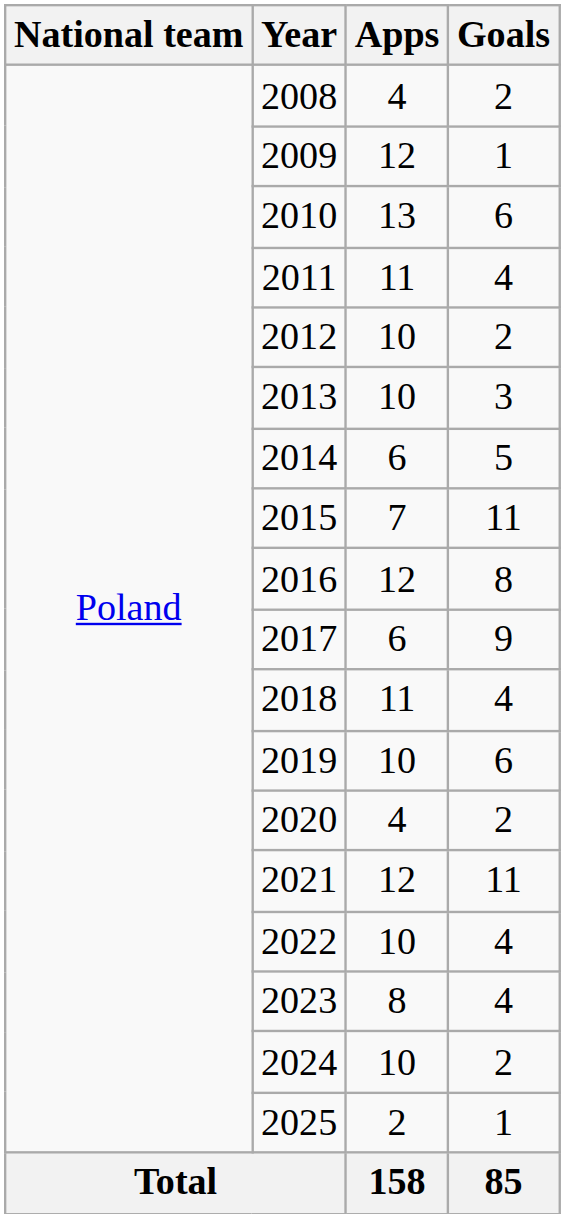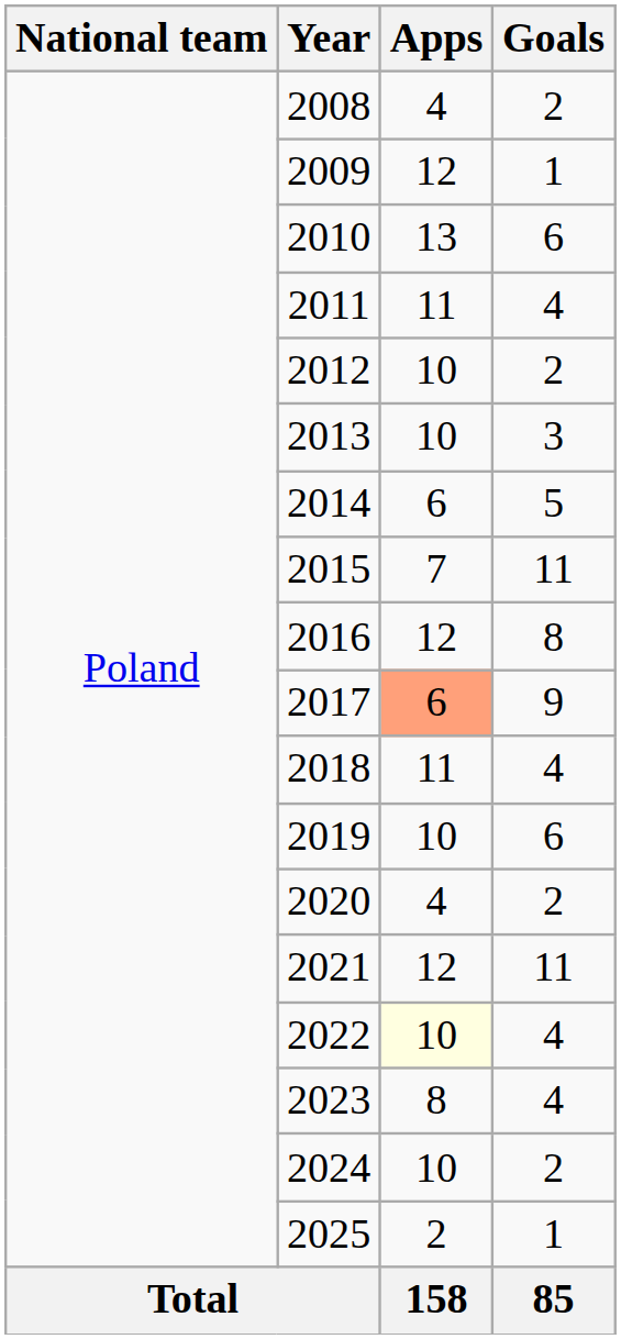 <table class="wikitable" style="text-align: center;">
 <tr>
 <th>National team</th>
 <th>Year</th>
 <th>Apps</th>
 <th>Goals</th>
 </tr>
 <tr>
 <td rowspan="18"><a href='#'>Poland</a></td>
 <td>2008</td>
 <td>4</td>
 <td>2</td>
 </tr>
 <tr>
 <td>2009</td>
 <td>12</td>
 <td>1</td>
 </tr>
 <tr>
 <td>2010</td>
 <td>13</td>
 <td>6</td>
 </tr>
 <tr>
 <td>2011</td>
 <td>11</td>
 <td>4</td>
 </tr>
 <tr>
 <td>2012</td>
 <td>10</td>
 <td>2</td>
 </tr>
 <tr>
 <td>2013</td>
 <td>10</td>
 <td>3</td>
 </tr>
 <tr>
 <td>2014</td>
 <td>6</td>
 <td>5</td>
 </tr>
 <tr>
 <td>2015</td>
 <td>7</td>
 <td>11</td>
 </tr>
 <tr>
 <td>2016</td>
 <td>12</td>
 <td>8</td>
 </tr>
 <tr>
 <td>2017</td>
-<td>6</td>
+<td style="background: lightsalmon;">6</td>
 <td>9</td>
 </tr>
 <tr>
 <td>2018</td>
 <td>11</td>
 <td>4</td>
 </tr>
 <tr>
 <td>2019</td>
 <td>10</td>
 <td>6</td>
 </tr>
 <tr>
 <td>2020</td>
 <td>4</td>
 <td>2</td>
 </tr>
 <tr>
 <td>2021</td>
 <td>12</td>
 <td>11</td>
 </tr>
 <tr>
 <td>2022</td>
-<td>10</td>
+<td style="background: lightyellow;">10</td>
 <td>4</td>
 </tr>
 <tr>
 <td>2023</td>
 <td>8</td>
 <td>4</td>
 </tr>
 <tr>
 <td>2024</td>
 <td>10</td>
 <td>2</td>
 </tr>
 <tr>
 <td>2025</td>
 <td>2</td>
 <td>1</td>
 </tr>
 <tr>
 <th colspan="2">Total</th>
 <th>158</th>
 <th>85</th>
 </tr>
 </table>
